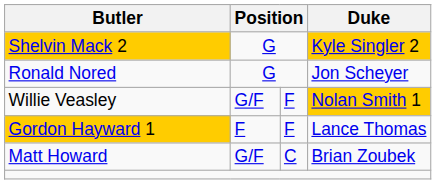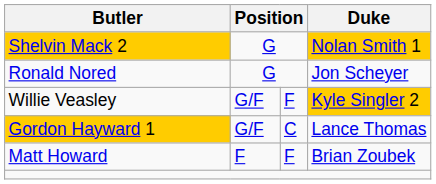 <table class="wikitable">
 <tr>
 <th style="width:200px;">Butler</th>
 <th colspan="2">Position</th>
 <th>Duke</th>
 </tr>
 <tr>
 <td bgcolor="#FFCC00"><a href='#'>Shelvin Mack</a> 2</td>
 <td colspan="2" style="text-align:center"><a href='#'>G</a></td>
-<td bgcolor="#FFCC00"><a href='#'>Kyle Singler</a> 2</td>
+<td bgcolor="#FFCC00"><a href='#'>Nolan Smith</a> 1</td>
 </tr>
 <tr>
 <td><a href='#'>Ronald Nored</a></td>
 <td colspan="2" style="text-align:center"><a href='#'>G</a></td>
 <td><a href='#'>Jon Scheyer</a></td>
 </tr>
 <tr>
 <td>Willie Veasley</td>
 <td><a href='#'>G/F</a></td>
 <td><a href='#'>F</a></td>
-<td bgcolor="#FFCC00"><a href='#'>Nolan Smith</a> 1</td>
+<td bgcolor="#FFCC00"><a href='#'>Kyle Singler</a> 2</td>
 </tr>
 <tr>
 <td bgcolor="#FFCC00"><a href='#'>Gordon Hayward</a> 1</td>
-<td><a href='#'>F</a></td>
-<td><a href='#'>F</a></td>
+<td><a href='#'>G/F</a></td>
+<td><a href='#'>C</a></td>
 <td><a href='#'>Lance Thomas</a></td>
 </tr>
 <tr>
 <td><a href='#'>Matt Howard</a></td>
-<td><a href='#'>G/F</a></td>
-<td><a href='#'>C</a></td>
+<td><a href='#'>F</a></td>
+<td><a href='#'>F</a></td>
 <td><a href='#'>Brian Zoubek</a></td>
 </tr>
 <tr>
 <td colspan="5" align=center></td>
 </tr>
 </table>
